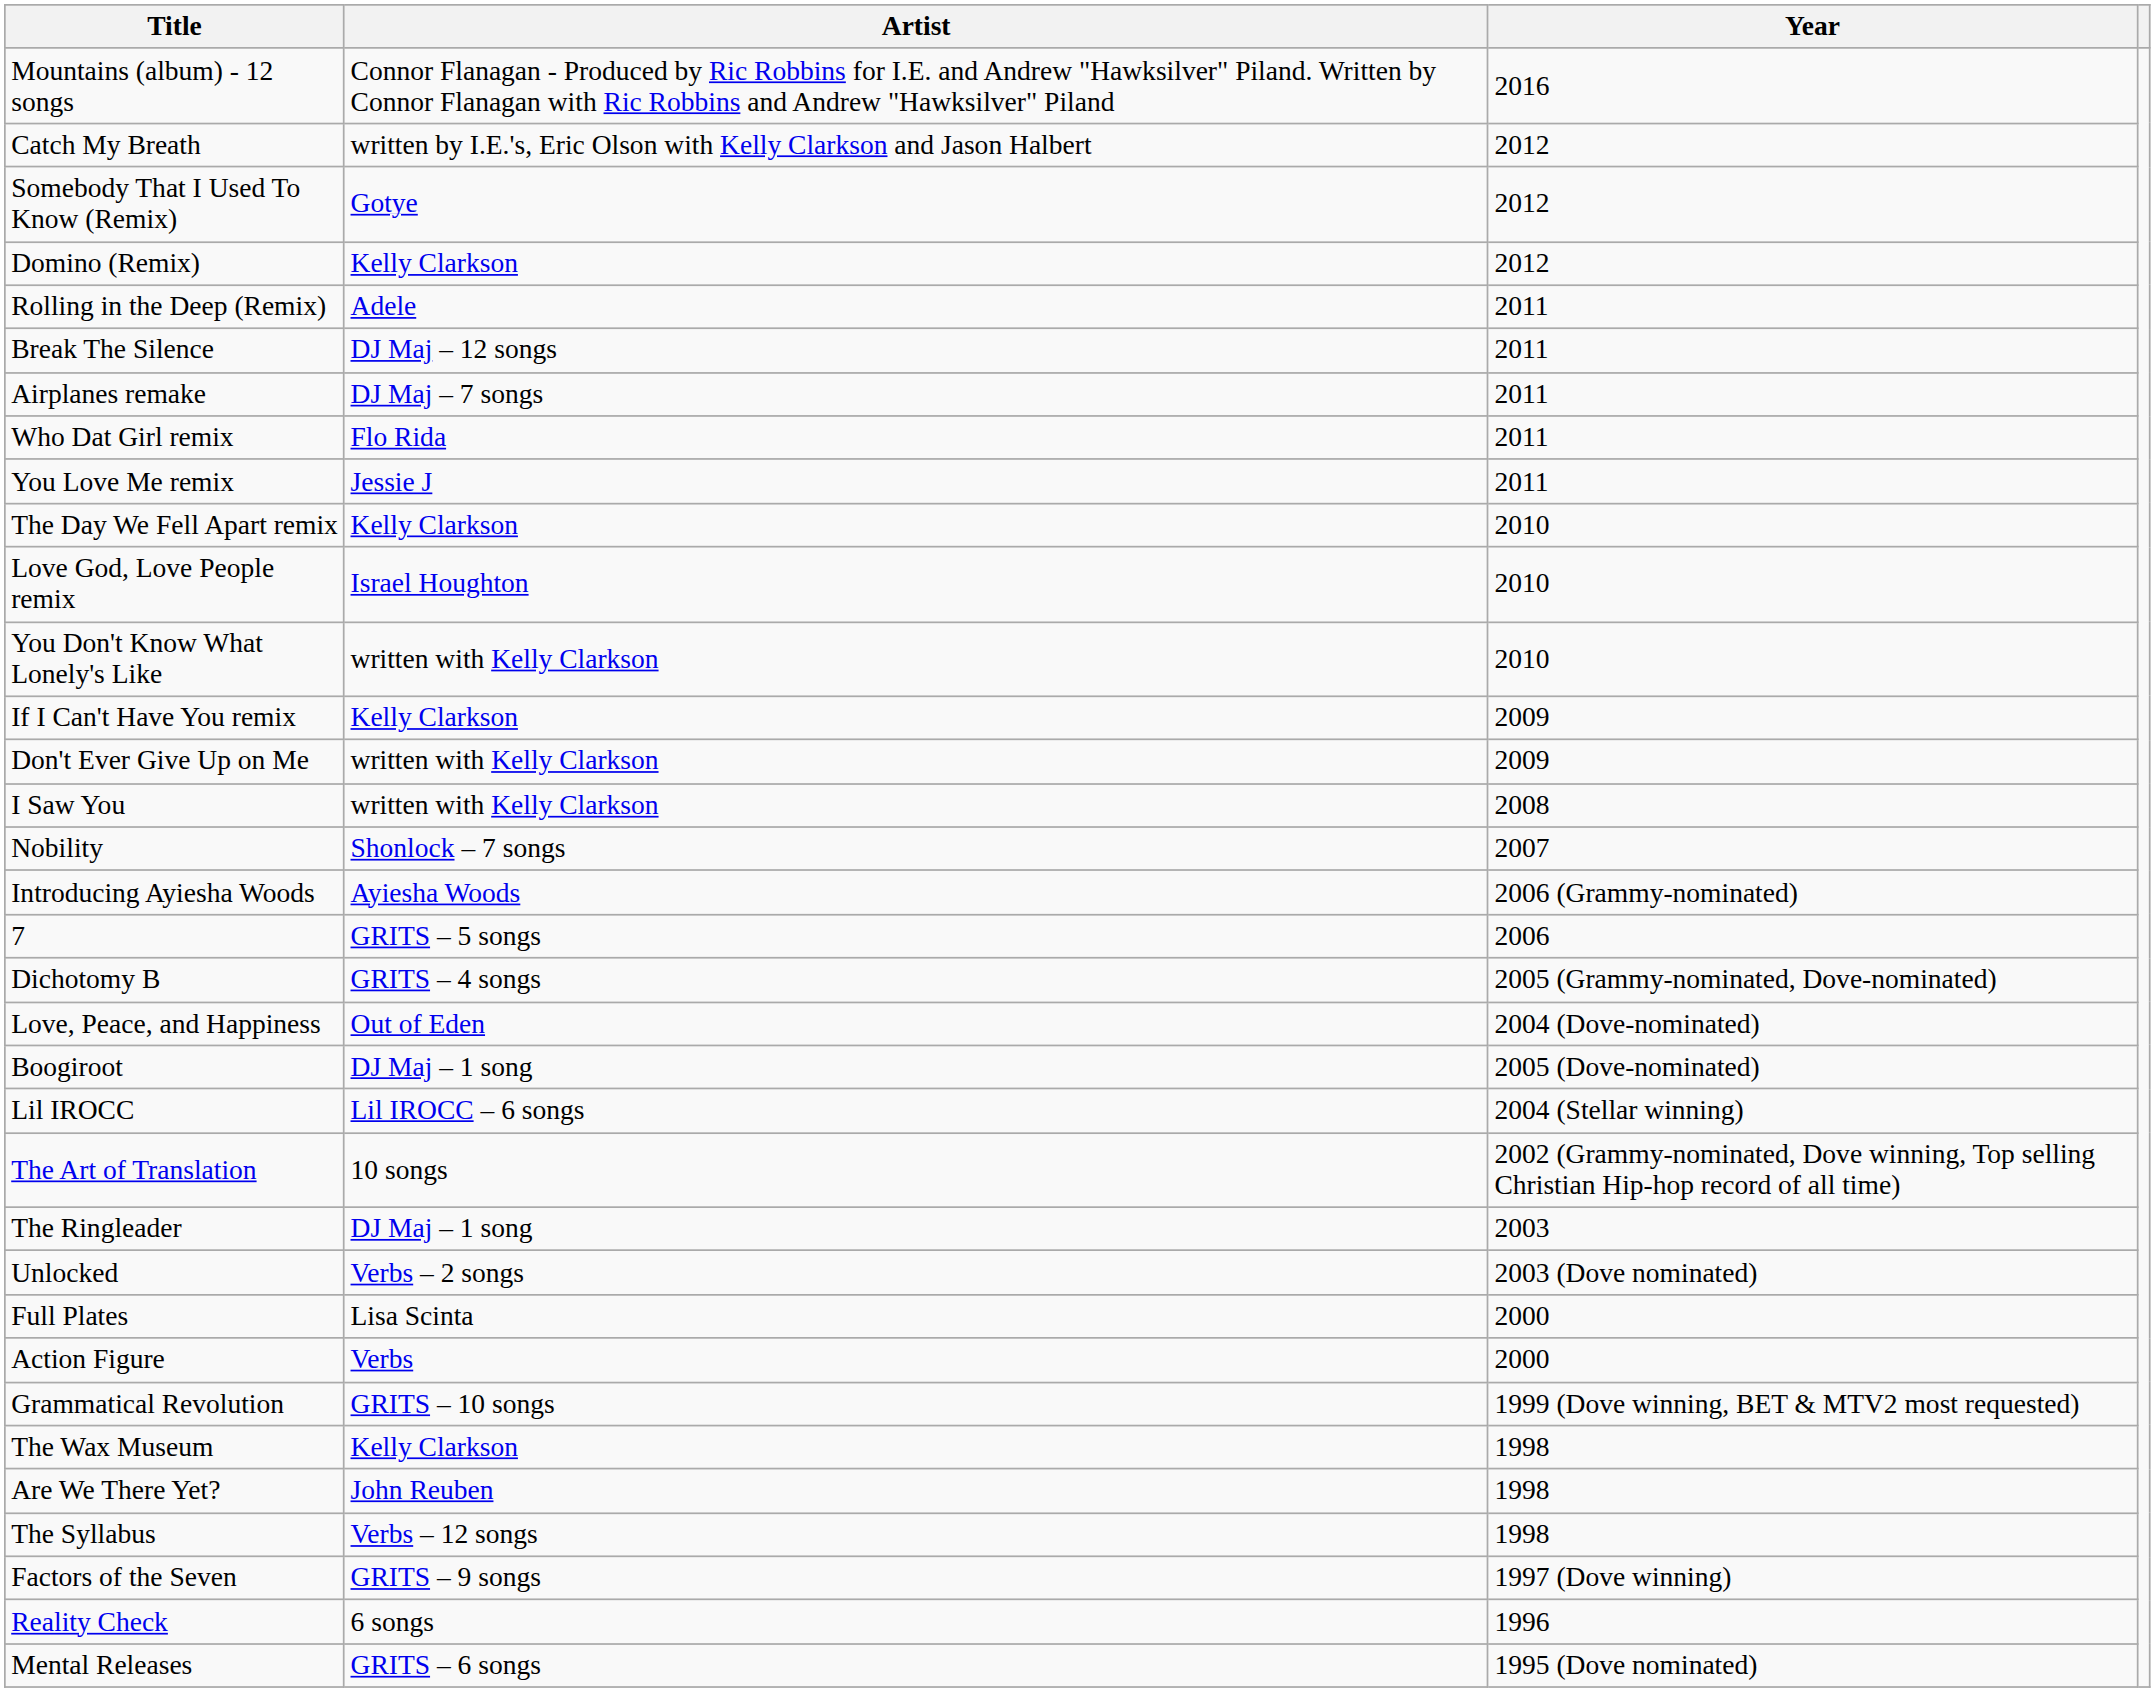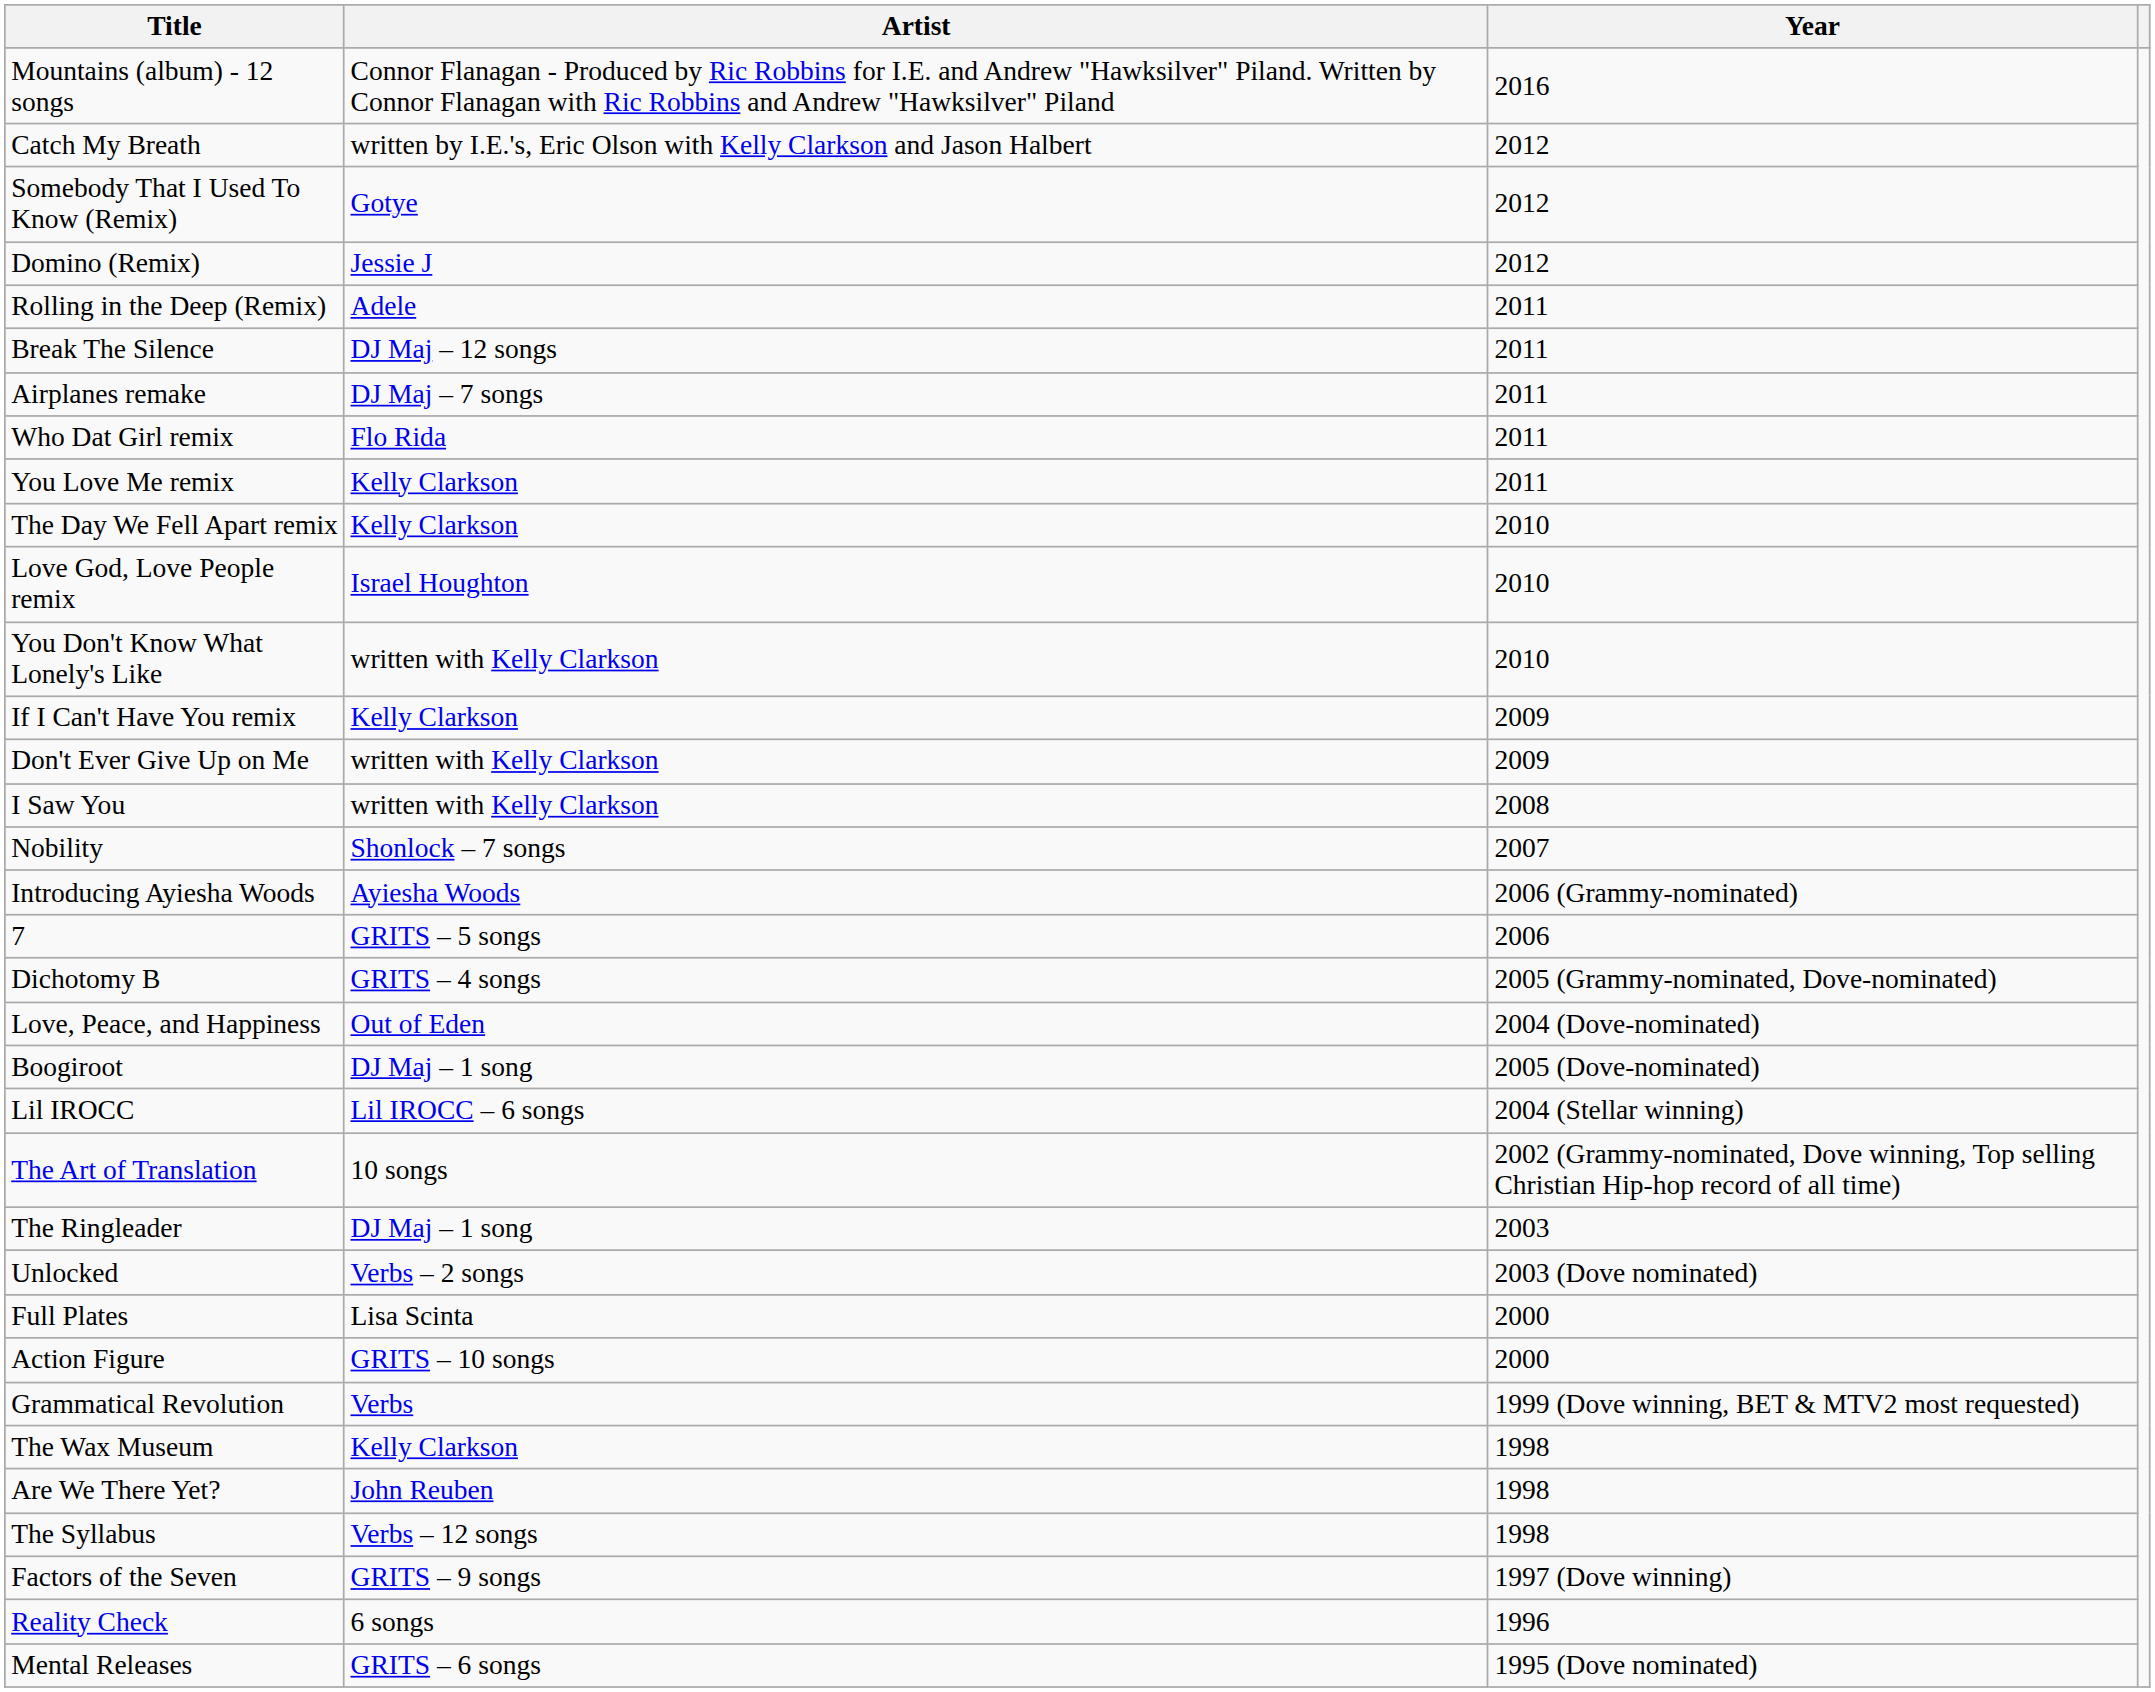 <table class="wikitable">
 <tr>
 <th>Title</th>
 <th>Artist</th>
 <th>Year</th>
 <th></th>
 </tr>
 <tr>
 <td>Mountains (album) - 12 songs</td>
 <td>Connor Flanagan - Produced by <a href='#'>Ric Robbins</a> for I.E. and Andrew "Hawksilver" Piland. Written by Connor Flanagan with <a href='#'>Ric Robbins</a> and Andrew "Hawksilver" Piland</td>
 <td>2016</td>
 </tr>
 <tr>
 <td>Catch My Breath</td>
 <td>written by I.E.'s, Eric Olson with <a href='#'>Kelly Clarkson</a> and Jason Halbert</td>
 <td>2012</td>
 </tr>
 <tr>
 <td>Somebody That I Used To Know (Remix)</td>
 <td><a href='#'>Gotye</a></td>
 <td>2012</td>
 </tr>
 <tr>
 <td>Domino (Remix)</td>
-<td><a href='#'>Kelly Clarkson</a></td>
+<td><a href='#'>Jessie J</a></td>
 <td>2012</td>
 </tr>
 <tr>
 <td>Rolling in the Deep (Remix)</td>
 <td><a href='#'>Adele</a></td>
 <td>2011</td>
 </tr>
 <tr>
 <td>Break The Silence</td>
 <td><a href='#'>DJ Maj</a> – 12 songs</td>
 <td>2011</td>
 </tr>
 <tr>
 <td>Airplanes remake</td>
 <td><a href='#'>DJ Maj</a> – 7 songs</td>
 <td>2011</td>
 </tr>
 <tr>
 <td>Who Dat Girl remix</td>
 <td><a href='#'>Flo Rida</a></td>
 <td>2011</td>
 </tr>
 <tr>
 <td>You Love Me remix</td>
-<td><a href='#'>Jessie J</a></td>
+<td><a href='#'>Kelly Clarkson</a></td>
 <td>2011</td>
 </tr>
 <tr>
 <td>The Day We Fell Apart remix</td>
 <td><a href='#'>Kelly Clarkson</a></td>
 <td>2010</td>
 </tr>
 <tr>
 <td>Love God, Love People remix</td>
 <td><a href='#'>Israel Houghton</a></td>
 <td>2010</td>
 </tr>
 <tr>
 <td>You Don't Know What Lonely's Like</td>
 <td>written with <a href='#'>Kelly Clarkson</a></td>
 <td>2010</td>
 </tr>
 <tr>
 <td>If I Can't Have You remix</td>
 <td><a href='#'>Kelly Clarkson</a></td>
 <td>2009</td>
 </tr>
 <tr>
 <td>Don't Ever Give Up on Me</td>
 <td>written with <a href='#'>Kelly Clarkson</a></td>
 <td>2009</td>
 </tr>
 <tr>
 <td>I Saw You</td>
 <td>written with <a href='#'>Kelly Clarkson</a></td>
 <td>2008</td>
 </tr>
 <tr>
 <td>Nobility</td>
 <td><a href='#'>Shonlock</a> – 7 songs</td>
 <td>2007</td>
 </tr>
 <tr>
 <td>Introducing Ayiesha Woods</td>
 <td><a href='#'>Ayiesha Woods</a></td>
 <td>2006 (Grammy-nominated)</td>
 </tr>
 <tr>
 <td>7</td>
 <td><a href='#'>GRITS</a> – 5 songs</td>
 <td>2006</td>
 </tr>
 <tr>
 <td>Dichotomy B</td>
 <td><a href='#'>GRITS</a> – 4 songs</td>
 <td>2005 (Grammy-nominated, Dove-nominated)</td>
 </tr>
 <tr>
 <td>Love, Peace, and Happiness</td>
 <td><a href='#'>Out of Eden</a></td>
 <td>2004 (Dove-nominated)</td>
 </tr>
 <tr>
 <td>Boogiroot</td>
 <td><a href='#'>DJ Maj</a> – 1 song</td>
 <td>2005 (Dove-nominated)</td>
 </tr>
 <tr>
 <td>Lil IROCC</td>
 <td><a href='#'>Lil IROCC</a> – 6 songs</td>
 <td>2004 (Stellar winning)</td>
 </tr>
 <tr>
 <td><a href='#'>The Art of Translation</a></td>
 <td>10 songs</td>
 <td>2002 (Grammy-nominated, Dove winning, Top selling Christian Hip-hop record of all time)</td>
 </tr>
 <tr>
 <td>The Ringleader</td>
 <td><a href='#'>DJ Maj</a>  – 1 song</td>
 <td>2003</td>
 </tr>
 <tr>
 <td>Unlocked</td>
 <td><a href='#'>Verbs</a> – 2 songs</td>
 <td>2003 (Dove nominated)</td>
 </tr>
 <tr>
 <td>Full Plates</td>
 <td>Lisa Scinta</td>
 <td>2000</td>
 </tr>
 <tr>
 <td>Action Figure</td>
-<td><a href='#'>Verbs</a></td>
+<td><a href='#'>GRITS</a> – 10 songs</td>
 <td>2000</td>
 </tr>
 <tr>
 <td>Grammatical Revolution</td>
-<td><a href='#'>GRITS</a> – 10 songs</td>
+<td><a href='#'>Verbs</a></td>
 <td>1999 (Dove winning, BET & MTV2 most requested)</td>
 </tr>
 <tr>
 <td>The Wax Museum</td>
 <td><a href='#'>Kelly Clarkson</a></td>
 <td>1998</td>
 </tr>
 <tr>
 <td>Are We There Yet?</td>
 <td><a href='#'>John Reuben</a></td>
 <td>1998</td>
 </tr>
 <tr>
 <td>The Syllabus</td>
 <td><a href='#'>Verbs</a> – 12 songs</td>
 <td>1998</td>
 </tr>
 <tr>
 <td>Factors of the Seven</td>
 <td><a href='#'>GRITS</a> – 9 songs</td>
 <td>1997 (Dove winning)</td>
 </tr>
 <tr>
 <td><a href='#'>Reality Check</a></td>
 <td>6 songs</td>
 <td>1996</td>
 </tr>
 <tr>
 <td>Mental Releases</td>
 <td><a href='#'>GRITS</a> – 6 songs</td>
 <td>1995 (Dove nominated)</td>
 </tr>
 </table>
